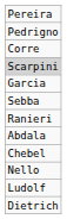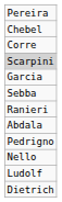 <table class="wikitable">
 <tr>
 <td>Pereira</td>
 </tr>
 <tr>
-<td>Pedrigno</td>
+<td>Chebel</td>
 </tr>
 <tr>
 <td>Corre</td>
 </tr>
 <tr>
 <td style="background: lightgrey;">Scarpini</td>
 </tr>
 <tr>
 <td>Garcia</td>
 </tr>
 <tr>
 <td>Sebba</td>
 </tr>
 <tr>
 <td>Ranieri</td>
 </tr>
 <tr>
 <td>Abdala</td>
 </tr>
 <tr>
-<td>Chebel</td>
+<td>Pedrigno</td>
 </tr>
 <tr>
 <td>Nello</td>
 </tr>
 <tr>
 <td>Ludolf</td>
 </tr>
 <tr>
 <td>Dietrich</td>
 </tr>
 </table>
